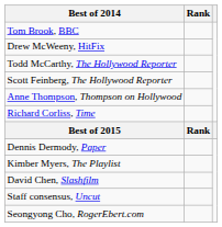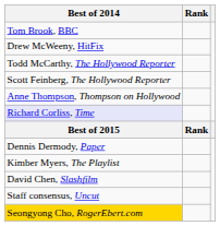 <table class="wikitable sortable" style="float:right; margin:10px 10px 0px 10px; font-size:90%">
 <tr>
 <th scope=col>Best of 2014</th>
 <th scope=col>Rank</th>
 <th scope="col" class="unsortable"></th>
 </tr>
 <tr>
 <td scope=row><a href='#'>Tom Brook</a>, <a href='#'>BBC</a></td>
 <td></td>
 <td rowspan="6"></td>
 </tr>
 <tr>
 <td scope=row>Drew McWeeny, <a href='#'>HitFix</a></td>
 <td></td>
 </tr>
 <tr>
 <td scope=row>Todd McCarthy, <em><a href='#'>The Hollywood Reporter</a></em></td>
 <td></td>
 </tr>
 <tr>
 <td scope=row>Scott Feinberg, <em>The Hollywood Reporter</em></td>
 <td></td>
 </tr>
 <tr>
 <td scope=row><a href='#'>Anne Thompson</a>, <em>Thompson on Hollywood</em></td>
 <td></td>
 </tr>
 <tr>
-<td scope=row><a href='#'>Richard Corliss</a>, <em><a href='#'>Time</a></em></td>
+<td scope=row style="background: lavender;"><a href='#'>Richard Corliss</a>, <em><a href='#'>Time</a></em></td>
 <td></td>
 </tr>
 <tr>
 <th scope=col>Best of 2015</th>
 <th scope=col>Rank</th>
 <th scope="col" class="unsortable"></th>
 </tr>
 <tr>
 <td scope=row>Dennis Dermody, <em><a href='#'>Paper</a></em></td>
 <td></td>
 <td rowspan="5"></td>
 </tr>
 <tr>
 <td>Kimber Myers, <em>The Playlist</em></td>
 <td></td>
 </tr>
 <tr>
 <td>David Chen, <em><a href='#'>Slashfilm</a></em></td>
 <td></td>
 </tr>
 <tr>
 <td>Staff consensus, <em><a href='#'>Uncut</a></em></td>
 <td></td>
 </tr>
 <tr>
-<td>Seongyong Cho, <em>RogerEbert.com</em></td>
+<td style="background: gold;">Seongyong Cho, <em>RogerEbert.com</em></td>
 <td></td>
 </tr>
 </table>
